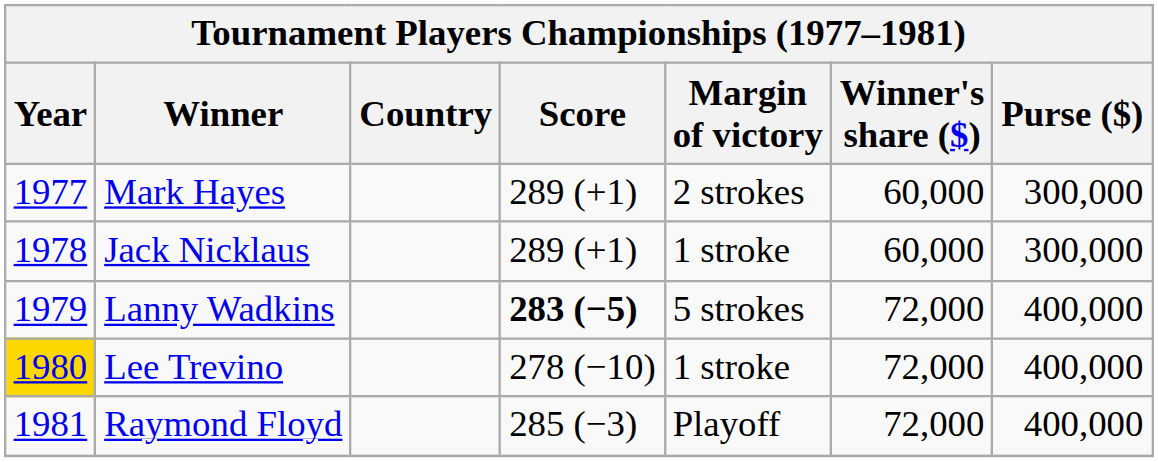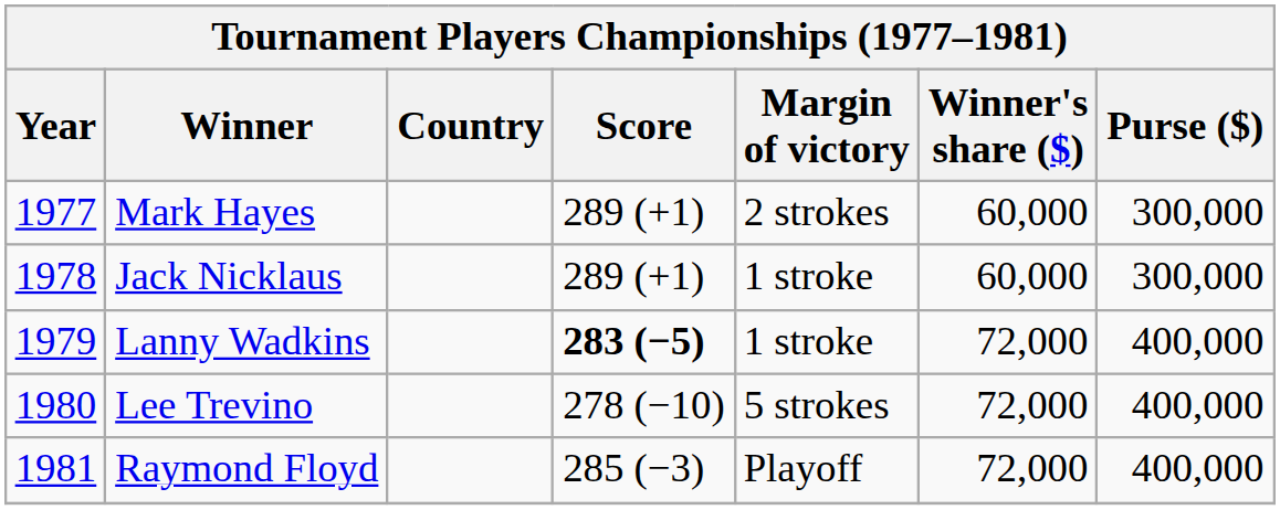 <table class="wikitable">
 <tr>
 <th colspan=7>Tournament Players Championships (1977–1981)</th>
 </tr>
 <tr>
 <th>Year</th>
 <th>Winner</th>
 <th>Country</th>
 <th>Score</th>
 <th>Margin<br>of victory</th>
 <th>Winner's<br>share (<a href='#'>$</a>)</th>
 <th>Purse ($)</th>
 </tr>
 <tr>
 <td><a href='#'>1977</a></td>
 <td><a href='#'>Mark Hayes</a></td>
 <td></td>
 <td>289 (+1)</td>
 <td>2 strokes</td>
 <td align=right>60,000</td>
 <td align=right>300,000</td>
 </tr>
 <tr>
 <td><a href='#'>1978</a></td>
 <td><a href='#'>Jack Nicklaus</a></td>
 <td></td>
 <td>289 (+1)</td>
 <td>1 stroke</td>
 <td align=right>60,000</td>
 <td align=right>300,000</td>
 </tr>
 <tr>
 <td><a href='#'>1979</a></td>
 <td><a href='#'>Lanny Wadkins</a></td>
 <td></td>
 <td><strong>283 (−5)</strong></td>
-<td>5 strokes</td>
+<td>1 stroke</td>
 <td align=right>72,000</td>
 <td align=right>400,000</td>
 </tr>
 <tr>
-<td style="background: gold;"><a href='#'>1980</a></td>
+<td><a href='#'>1980</a></td>
 <td><a href='#'>Lee Trevino</a></td>
 <td></td>
 <td>278 (−10)</td>
-<td>1 stroke</td>
+<td>5 strokes</td>
 <td align=right>72,000</td>
 <td align=right>400,000</td>
 </tr>
 <tr>
 <td><a href='#'>1981</a></td>
 <td><a href='#'>Raymond Floyd</a></td>
 <td></td>
 <td>285 (−3)</td>
 <td>Playoff</td>
 <td align=right>72,000</td>
 <td align=right>400,000</td>
 </tr>
 <tr>
 </tr>
 </table>
